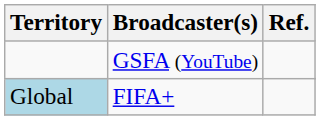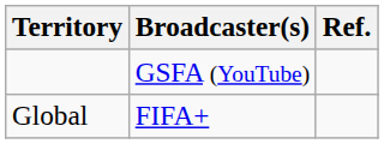 <table class="wikitable sortable">
 <tr>
 <th>Territory</th>
 <th>Broadcaster(s)</th>
 <th>Ref.</th>
 </tr>
 <tr>
 <td rowspan="2"></td>
 <td><a href='#'>GSFA</a> <small>(<a href='#'>YouTube</a>)</small></td>
 <td></td>
 </tr>
 <tr>
 <td rowspan="2"><a href='#'>FIFA+</a></td>
 <td rowspan="2"></td>
 </tr>
 <tr>
-<td style="background: lightblue;"> Global</td>
+<td> Global</td>
 </tr>
 </table>
